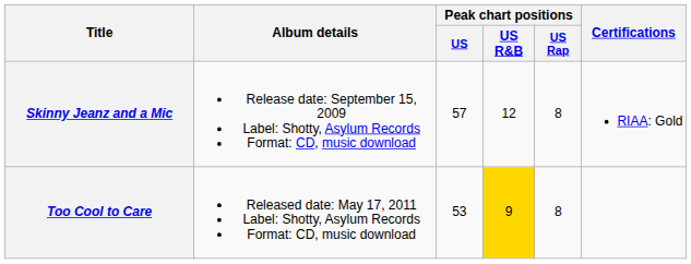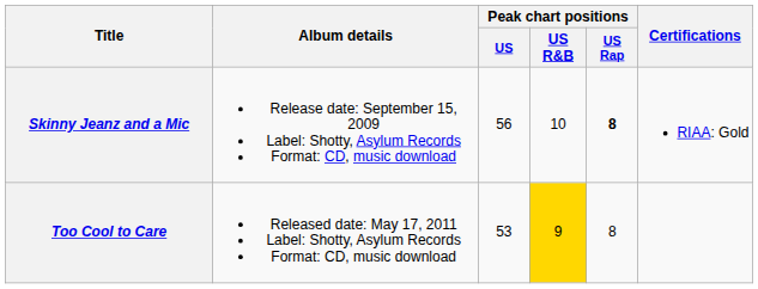 <table class="wikitable plainrowheaders" style="text-align:center;">
 <tr>
 <th scope="col" rowspan="2" style="width:14em;">Title</th>
 <th scope="col" rowspan="2" style="width:18em;">Album details</th>
 <th scope="col" colspan="3">Peak chart positions</th>
 <th scope="col" rowspan="2"><a href='#'>Certifications</a></th>
 </tr>
 <tr>
 <th scope="col" style="width:3.5em;font-size:90%;"><a href='#'>US</a><br></th>
 <th scope="col" style="width:3.5em;font-sizez: 90%;"><a href='#'>US<br>R&B</a><br></th>
 <th scope="col" style="width:3.5em;font-size:90%;"><a href='#'>US<br>Rap</a><br></th>
 </tr>
 <tr>
 <th scope="row"><em><a href='#'>Skinny Jeanz and a Mic</a></em></th>
 <td><br><ul><li>Release date: September 15, 2009</li><li>Label: Shotty, <a href='#'>Asylum Records</a></li><li>Format: <a href='#'>CD</a>, <a href='#'>music download</a></li></ul></td>
-<td>57</td>
-<td>12</td>
-<td>8</td>
+<td>56</td>
+<td>10</td>
+<td><strong>8</strong></td>
 <td><br><ul><li><a href='#'>RIAA</a>: Gold</li></ul></td>
 </tr>
 <tr>
 <th scope="row"><em><a href='#'>Too Cool to Care</a></em></th>
 <td><br><ul><li>Released date: May 17, 2011</li><li>Label: Shotty, Asylum Records</li><li>Format: CD, music download</li></ul></td>
 <td>53</td>
 <td style="background: gold;">9</td>
 <td>8</td>
 <td></td>
 </tr>
 </table>
